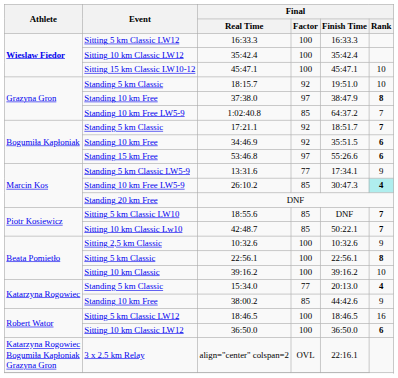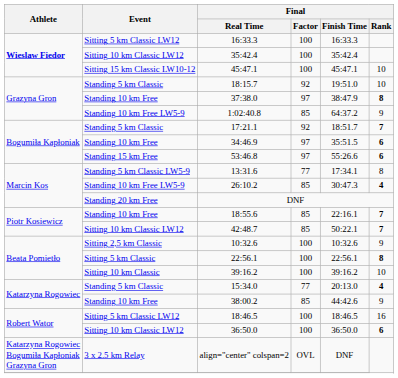 <table class="wikitable" style="font-size:90%">
 <tr>
 <th rowspan="2">Athlete</th>
 <th rowspan="2">Event</th>
 <th colspan="4">Final</th>
 </tr>
 <tr>
 <th>Real Time</th>
 <th>Factor</th>
 <th>Finish Time</th>
 <th>Rank</th>
 </tr>
 <tr>
 <td rowspan=3><strong><a href='#'>Wieslaw Fiedor</a></strong></td>
 <td rowspan=1><a href='#'>Sitting 5 km Classic LW12</a></td>
 <td align="center">16:33.3</td>
 <td align="center">100</td>
 <td align="center">16:33.3</td>
 <td align="center"></td>
 </tr>
 <tr>
 <td rowspan=1><a href='#'>Sitting 10 km Classic LW12</a></td>
 <td align="center">35:42.4</td>
 <td align="center">100</td>
 <td align="center">35:42.4</td>
 <td align="center"></td>
 </tr>
 <tr>
 <td rowspan=1><a href='#'>Sitting 15 km Classic LW10-12</a></td>
 <td align="center">45:47.1</td>
 <td align="center">100</td>
 <td align="center">45:47.1</td>
 <td align="center">10</td>
 </tr>
 <tr>
 <td rowspan=3><a href='#'>Grazyna Gron</a></td>
 <td rowspan=1><a href='#'>Standing 5 km Classic</a></td>
 <td align="center">18:15.7</td>
 <td align="center">92</td>
 <td align="center">19:51.0</td>
 <td align="center">10</td>
 </tr>
 <tr>
 <td rowspan=1><a href='#'>Standing 10 km Free</a></td>
 <td align="center">37:38.0</td>
 <td align="center">97</td>
 <td align="center">38:47.9</td>
 <td align="center"><strong>8</strong></td>
 </tr>
 <tr>
 <td rowspan=1><a href='#'>Standing 10 km Free LW5-9</a></td>
 <td align="center">1:02:40.8</td>
 <td align="center">85</td>
 <td align="center">64:37.2</td>
-<td align="center">7</td>
+<td align="center">9</td>
 </tr>
 <tr>
 <td rowspan=3><a href='#'>Bogumiła Kapłoniak</a></td>
 <td rowspan=1><a href='#'>Standing 5 km Classic</a></td>
 <td align="center">17:21.1</td>
 <td align="center">92</td>
 <td align="center">18:51.7</td>
 <td align="center"><strong>7</strong></td>
 </tr>
 <tr>
 <td rowspan=1><a href='#'>Standing 10 km Free</a></td>
 <td align="center">34:46.9</td>
-<td align="center">92</td>
+<td align="center">97</td>
 <td align="center">35:51.5</td>
 <td align="center"><strong>6</strong></td>
 </tr>
 <tr>
 <td rowspan=1><a href='#'>Standing 15 km Free</a></td>
 <td align="center">53:46.8</td>
 <td align="center">97</td>
 <td align="center">55:26.6</td>
 <td align="center"><strong>6</strong></td>
 </tr>
 <tr>
 <td rowspan=3><a href='#'>Marcin Kos</a></td>
 <td rowspan=1><a href='#'>Standing 5 km Classic LW5-9</a></td>
 <td align="center">13:31.6</td>
 <td align="center">77</td>
 <td align="center">17:34.1</td>
-<td align="center">9</td>
+<td align="center">8</td>
 </tr>
 <tr>
 <td rowspan=1><a href='#'>Standing 10 km Free LW5-9</a></td>
 <td align="center">26:10.2</td>
 <td align="center">85</td>
 <td align="center">30:47.3</td>
-<td align="center" style="background: paleturquoise;"><strong>4</strong></td>
+<td align="center"><strong>4</strong></td>
 </tr>
 <tr>
 <td rowspan=1><a href='#'>Standing 20 km Free</a></td>
 <td align="center" colspan=4>DNF</td>
 </tr>
 <tr>
 <td rowspan=2><a href='#'>Piotr Kosiewicz</a></td>
-<td rowspan=1><a href='#'>Sitting 5 km Classic LW10</a></td>
+<td rowspan=1><a href='#'>Standing 10 km Free</a></td>
 <td align="center">18:55.6</td>
 <td align="center">85</td>
-<td align="center">DNF</td>
+<td align="center">22:16.1</td>
 <td align="center"><strong>7</strong></td>
 </tr>
 <tr>
-<td rowspan=1><a href='#'>Sitting 10 km Classic Lw10</a></td>
+<td rowspan=1><a href='#'>Sitting 10 km Classic LW12</a></td>
 <td align="center">42:48.7</td>
 <td align="center">85</td>
 <td align="center">50:22.1</td>
 <td align="center"><strong>7</strong></td>
 </tr>
 <tr>
 <td rowspan=3><a href='#'>Beata Pomietło</a></td>
 <td rowspan=1><a href='#'>Sitting 2,5 km Classic</a></td>
 <td align="center">10:32.6</td>
 <td align="center">100</td>
 <td align="center">10:32.6</td>
 <td align="center">9</td>
 </tr>
 <tr>
 <td rowspan=1><a href='#'>Sitting 5 km Classic</a></td>
 <td align="center">22:56.1</td>
 <td align="center">100</td>
 <td align="center">22:56.1</td>
 <td align="center"><strong>8</strong></td>
 </tr>
 <tr>
 <td rowspan=1><a href='#'>Sitting 10 km Classic</a></td>
 <td align="center">39:16.2</td>
 <td align="center">100</td>
 <td align="center">39:16.2</td>
 <td align="center">10</td>
 </tr>
 <tr>
 <td rowspan=2><a href='#'>Katarzyna Rogowiec</a></td>
 <td rowspan=1><a href='#'>Standing 5 km Classic</a></td>
 <td align="center">15:34.0</td>
 <td align="center">77</td>
 <td align="center">20:13.0</td>
 <td align="center"><strong>4</strong></td>
 </tr>
 <tr>
 <td rowspan=1><a href='#'>Standing 10 km Free</a></td>
 <td align="center">38:00.2</td>
 <td align="center">85</td>
 <td align="center">44:42.6</td>
 <td align="center">9</td>
 </tr>
 <tr>
 <td rowspan=2><a href='#'>Robert Wator</a></td>
 <td rowspan=1><a href='#'>Sitting 5 km Classic LW12</a></td>
 <td align="center">18:46.5</td>
 <td align="center">100</td>
 <td align="center">18:46.5</td>
 <td align="center">16</td>
 </tr>
 <tr>
 <td rowspan=1><a href='#'>Sitting 10 km Classic LW12</a></td>
 <td align="center">36:50.0</td>
 <td align="center">100</td>
 <td align="center">36:50.0</td>
 <td align="center"><strong>6</strong></td>
 </tr>
 <tr>
 <td rowspan=1><a href='#'>Katarzyna Rogowiec</a><br><a href='#'>Bogumiła Kapłoniak</a><br><a href='#'>Grazyna Gron</a></td>
 <td rowspan=1><a href='#'>3 x 2.5 km Relay</a></td>
 <td>align="center" colspan=2 </td>
 <td align="center">OVL</td>
-<td align="center">22:16.1</td>
+<td align="center">DNF</td>
 </tr>
 <tr>
 </tr>
 </table>
